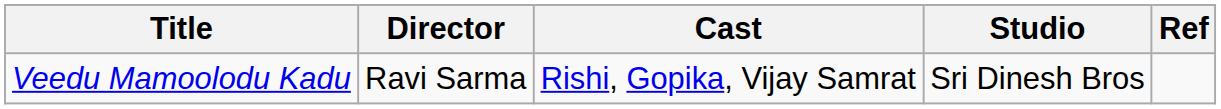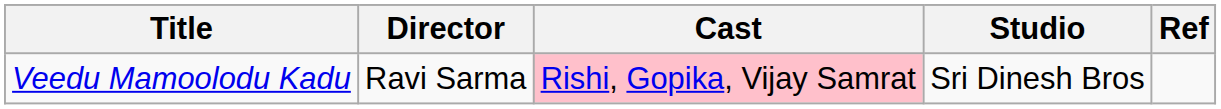 <table class="wikitable sortable">
 <tr>
 <th>Title</th>
 <th>Director</th>
 <th>Cast</th>
 <th>Studio</th>
 <th>Ref</th>
 </tr>
 <tr>
 <td><em><a href='#'>Veedu Mamoolodu Kadu</a></em></td>
 <td>Ravi Sarma</td>
-<td><a href='#'>Rishi</a>, <a href='#'>Gopika</a>, Vijay Samrat</td>
+<td style="background: pink;"><a href='#'>Rishi</a>, <a href='#'>Gopika</a>, Vijay Samrat</td>
 <td>Sri Dinesh Bros</td>
 </tr>
 </table>
